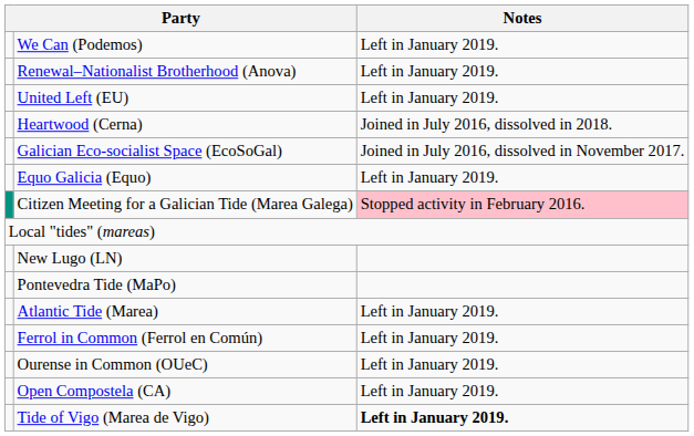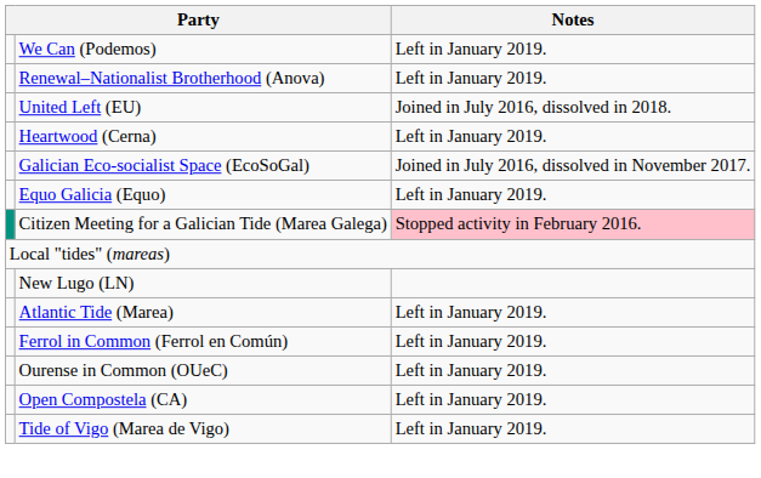 <table class="wikitable" style="text-align:left; font-size:95%;">
 <tr>
 <th colspan="2">Party</th>
 <th>Notes</th>
 </tr>
 <tr>
 <td width="1"></td>
 <td><a href='#'>We Can</a> (Podemos)</td>
 <td>Left in January 2019.</td>
 </tr>
 <tr>
 <td></td>
 <td><a href='#'>Renewal–Nationalist Brotherhood</a> (Anova)</td>
 <td>Left in January 2019.</td>
 </tr>
 <tr>
 <td></td>
 <td><a href='#'>United Left</a> (EU)</td>
-<td>Left in January 2019.</td>
+<td>Joined in July 2016, dissolved in 2018.</td>
 </tr>
 <tr>
 <td></td>
 <td><a href='#'>Heartwood</a> (Cerna)</td>
-<td>Joined in July 2016, dissolved in 2018.</td>
+<td>Left in January 2019.</td>
 </tr>
 <tr>
 <td></td>
 <td><a href='#'>Galician Eco-socialist Space</a> (EcoSoGal)</td>
 <td>Joined in July 2016, dissolved in November 2017.</td>
 </tr>
 <tr>
 <td></td>
 <td><a href='#'>Equo Galicia</a> (Equo)</td>
 <td>Left in January 2019.</td>
 </tr>
 <tr>
 <td bgcolor="#009381"></td>
 <td>Citizen Meeting for a Galician Tide (Marea Galega)</td>
 <td style="background: pink;">Stopped activity in February 2016.</td>
 </tr>
 <tr>
 <td colspan="3">Local "tides" (<em>mareas</em>)</td>
 </tr>
 <tr>
 <td></td>
 <td>New Lugo (LN)</td>
 <td></td>
 </tr>
 <tr>
 <td></td>
-<td>Pontevedra Tide (MaPo)</td>
-<td></td>
-</tr>
-<tr>
-<td></td>
 <td><a href='#'>Atlantic Tide</a> (Marea)</td>
 <td>Left in January 2019.</td>
 </tr>
 <tr>
 <td></td>
 <td><a href='#'>Ferrol in Common</a> (Ferrol en Común)</td>
 <td>Left in January 2019.</td>
 </tr>
 <tr>
 <td></td>
 <td>Ourense in Common (OUeC)</td>
 <td>Left in January 2019.</td>
 </tr>
 <tr>
 <td></td>
 <td><a href='#'>Open Compostela</a> (CA)</td>
 <td>Left in January 2019.</td>
 </tr>
 <tr>
 <td></td>
 <td><a href='#'>Tide of Vigo</a> (Marea de Vigo)</td>
-<td><strong>Left in January 2019.</strong></td>
+<td>Left in January 2019.</td>
 </tr>
 </table>
